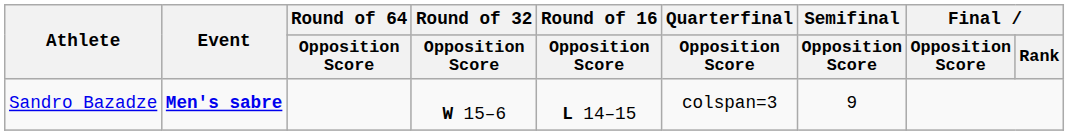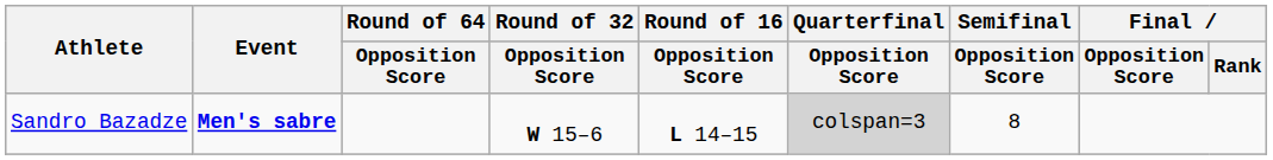 <table class="wikitable" style="font-size:90%">
 <tr>
 <th rowspan="2">Athlete</th>
 <th rowspan="2">Event</th>
 <th>Round of 64</th>
 <th>Round of 32</th>
 <th>Round of 16</th>
 <th>Quarterfinal</th>
 <th>Semifinal</th>
 <th colspan=2>Final / </th>
 </tr>
 <tr style="font-size:95%">
 <th>Opposition <br> Score</th>
 <th>Opposition <br> Score</th>
 <th>Opposition <br> Score</th>
 <th>Opposition <br> Score</th>
 <th>Opposition <br> Score</th>
 <th>Opposition <br> Score</th>
 <th>Rank</th>
 </tr>
 <tr align=center>
 <td align=left><a href='#'>Sandro Bazadze</a></td>
 <td align=left><strong><a href='#'>Men's sabre</a></strong></td>
 <td></td>
 <td><br><strong>W</strong> 15–6</td>
 <td><br><strong>L</strong> 14–15</td>
-<td>colspan=3</td>
-<td>9</td>
+<td style="background: lightgrey;">colspan=3</td>
+<td>8</td>
 </tr>
 </table>
